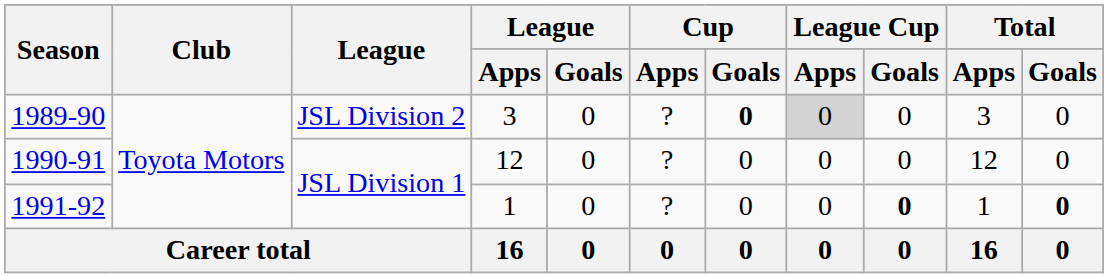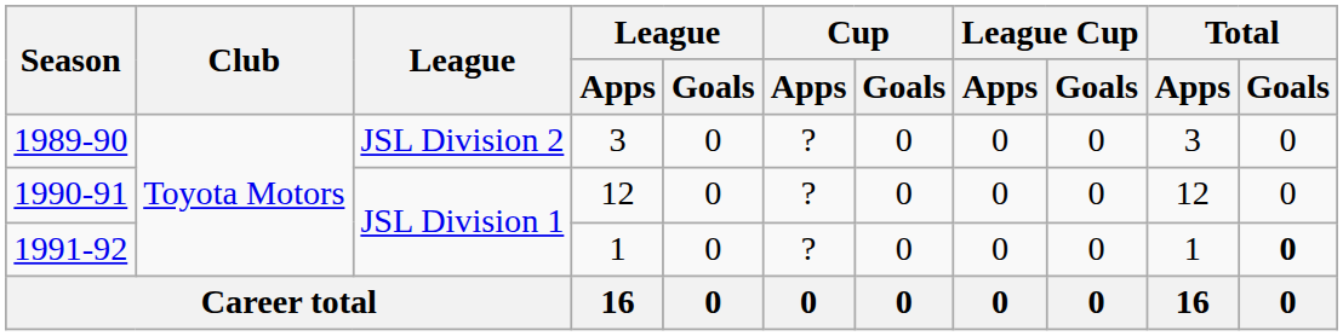 <table class="wikitable" style="text-align:center">
 <tr>
 <th rowspan=2>Season</th>
 <th rowspan=2>Club</th>
 <th rowspan=2>League</th>
 <th colspan=2>League</th>
 <th colspan=2>Cup</th>
 <th colspan=2>League Cup</th>
 <th colspan=2>Total</th>
 </tr>
 <tr>
 <th>Apps</th>
 <th>Goals</th>
 <th>Apps</th>
 <th>Goals</th>
 <th>Apps</th>
 <th>Goals</th>
 <th>Apps</th>
 <th>Goals</th>
 </tr>
 <tr>
 <td><a href='#'>1989-90</a></td>
 <td rowspan="3"><a href='#'>Toyota Motors</a></td>
 <td><a href='#'>JSL Division 2</a></td>
 <td>3</td>
 <td>0</td>
 <td>?</td>
-<td><strong>0</strong></td>
-<td style="background: lightgrey;">0</td>
+<td>0</td>
+<td>0</td>
 <td>0</td>
 <td>3</td>
 <td>0</td>
 </tr>
 <tr>
 <td><a href='#'>1990-91</a></td>
 <td rowspan="2"><a href='#'>JSL Division 1</a></td>
 <td>12</td>
 <td>0</td>
 <td>?</td>
 <td>0</td>
 <td>0</td>
 <td>0</td>
 <td>12</td>
 <td>0</td>
 </tr>
 <tr>
 <td><a href='#'>1991-92</a></td>
 <td>1</td>
 <td>0</td>
 <td>?</td>
 <td>0</td>
 <td>0</td>
-<td><strong>0</strong></td>
+<td>0</td>
 <td>1</td>
 <td><strong>0</strong></td>
 </tr>
 <tr>
 <th colspan=3>Career total</th>
 <th>16</th>
 <th>0</th>
 <th>0</th>
 <th>0</th>
 <th>0</th>
 <th>0</th>
 <th>16</th>
 <th>0</th>
 </tr>
 </table>
